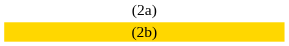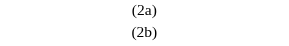 <table border="0" width="100%">
 <tr>
 <td width="33%"></td>
 <td width="34%" align="center"></td>
 <td width="33%" align="center">(2a)</td>
 </tr>
 <tr>
 <td width="33%"></td>
 <td width="34%" align="center"></td>
-<td width="33%" align="center" style="background: gold;">(2b)</td>
+<td width="33%" align="center">(2b)</td>
 </tr>
 </table>
